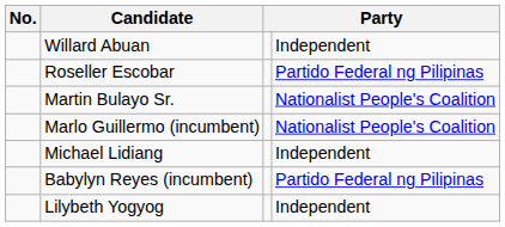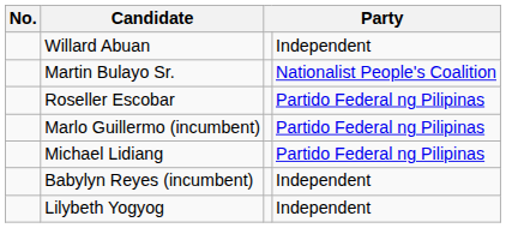 <table class="wikitable sortable" style="text-align:left;">
 <tr>
 <th>No.</th>
 <th>Candidate</th>
 <th colspan="2">Party</th>
 </tr>
 <tr>
 <td></td>
 <td>Willard Abuan</td>
 <td></td>
 <td>Independent</td>
 </tr>
 <tr>
 <td></td>
+<td>Martin Bulayo Sr.</td>
+<td></td>
+<td><a href='#'>Nationalist People's Coalition</a></td>
+</tr>
+<tr>
+<td></td>
 <td>Roseller Escobar</td>
 <td></td>
 <td><a href='#'>Partido Federal ng Pilipinas</a></td>
 </tr>
 <tr>
 <td></td>
-<td>Martin Bulayo Sr.</td>
-<td></td>
-<td><a href='#'>Nationalist People's Coalition</a></td>
-</tr>
-<tr>
-<td></td>
 <td>Marlo Guillermo (incumbent)</td>
 <td></td>
-<td><a href='#'>Nationalist People's Coalition</a></td>
+<td><a href='#'>Partido Federal ng Pilipinas</a></td>
 </tr>
 <tr>
 <td></td>
 <td>Michael Lidiang</td>
 <td></td>
-<td>Independent</td>
+<td><a href='#'>Partido Federal ng Pilipinas</a></td>
 </tr>
 <tr>
 <td></td>
 <td>Babylyn Reyes (incumbent)</td>
 <td></td>
-<td><a href='#'>Partido Federal ng Pilipinas</a></td>
+<td>Independent</td>
 </tr>
 <tr>
 <td></td>
 <td>Lilybeth Yogyog</td>
 <td></td>
 <td>Independent</td>
 </tr>
 </table>
